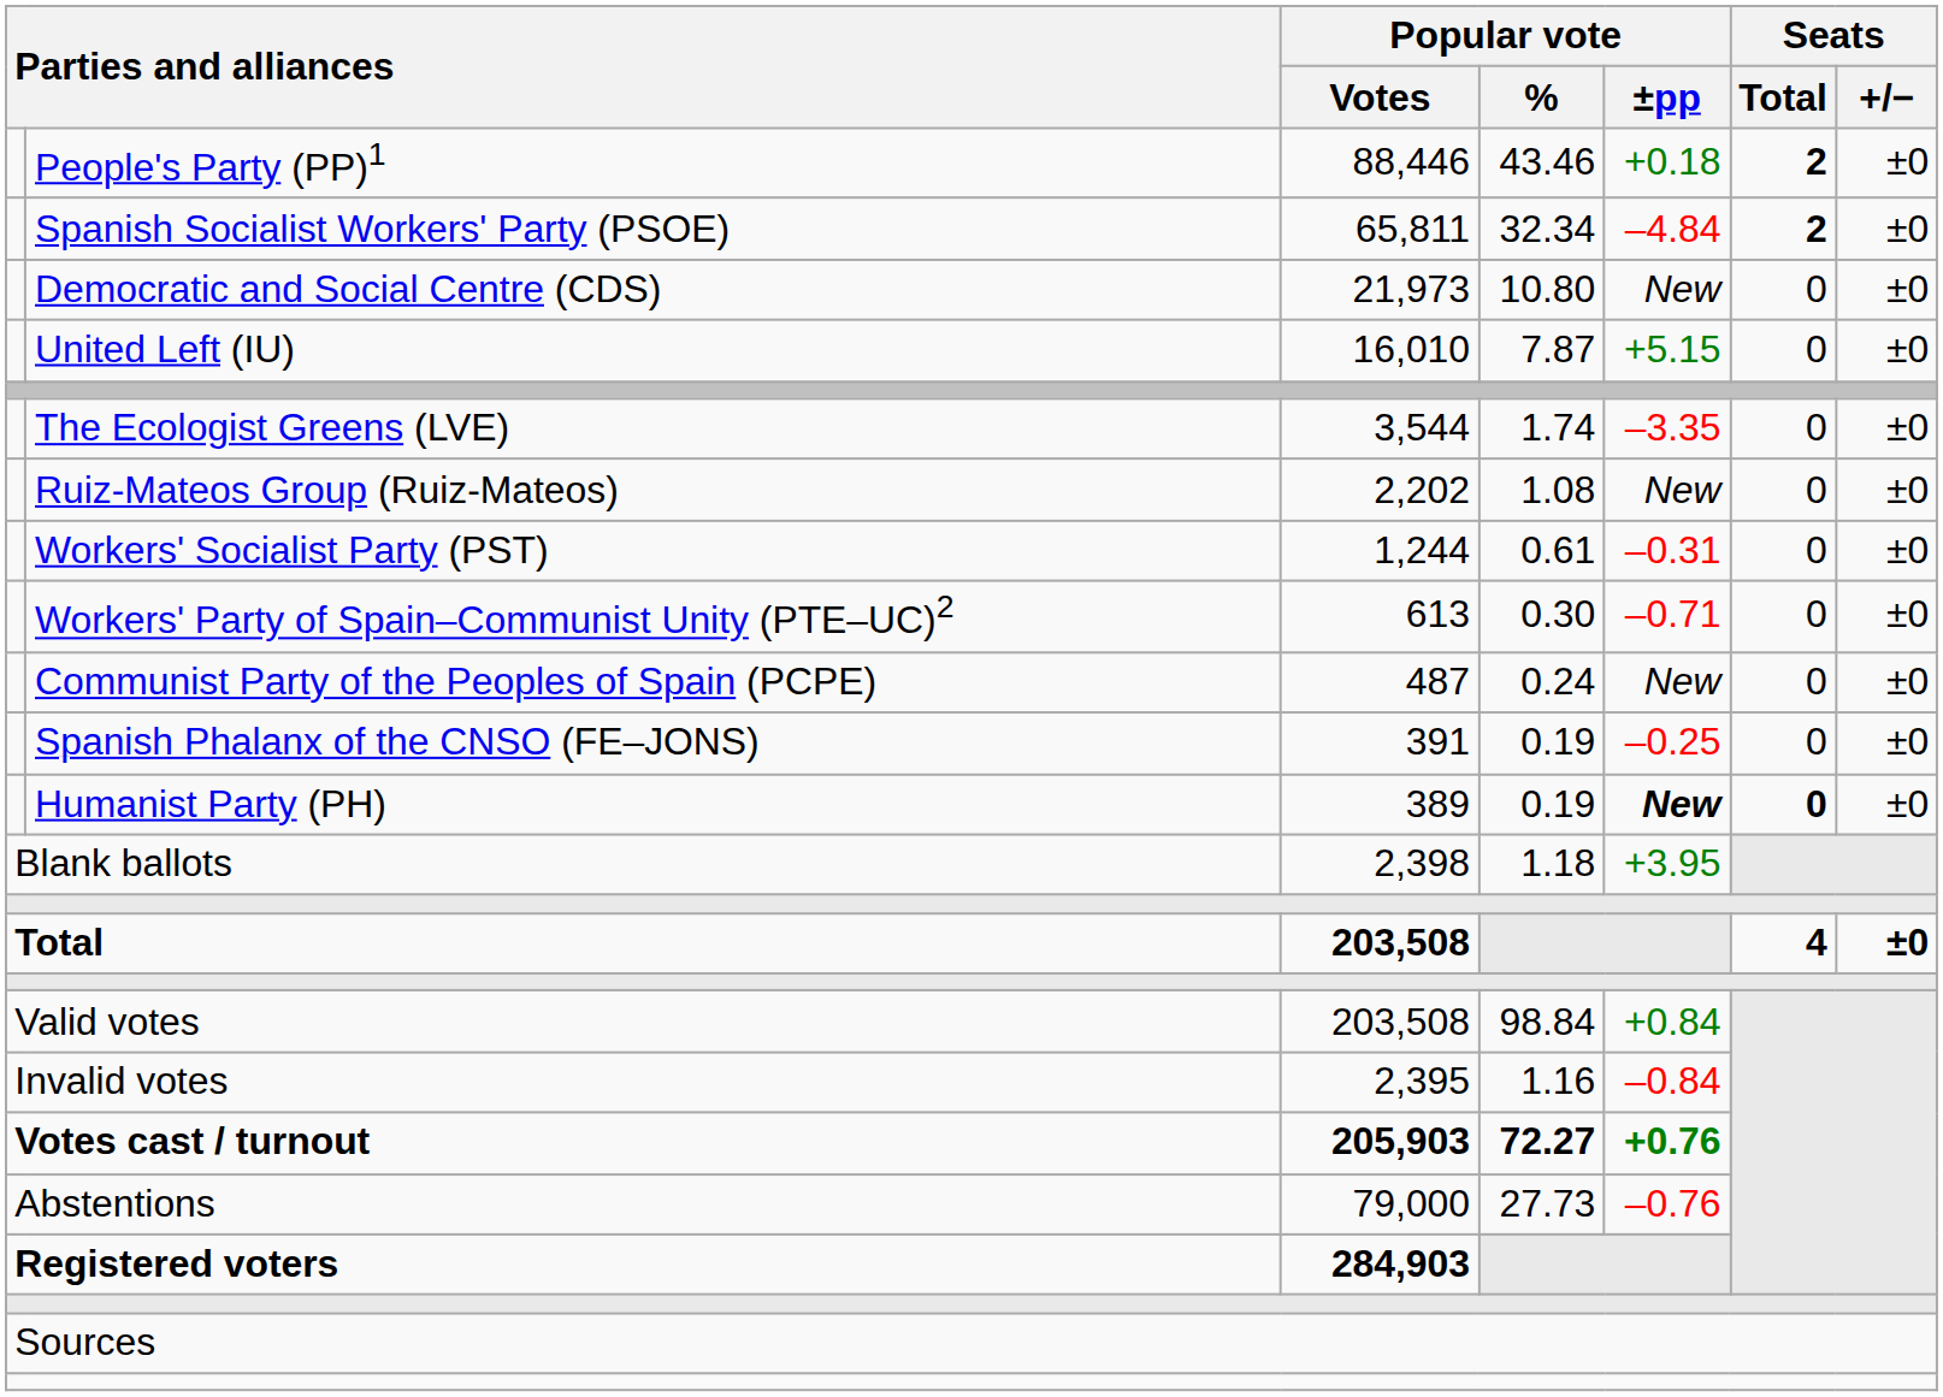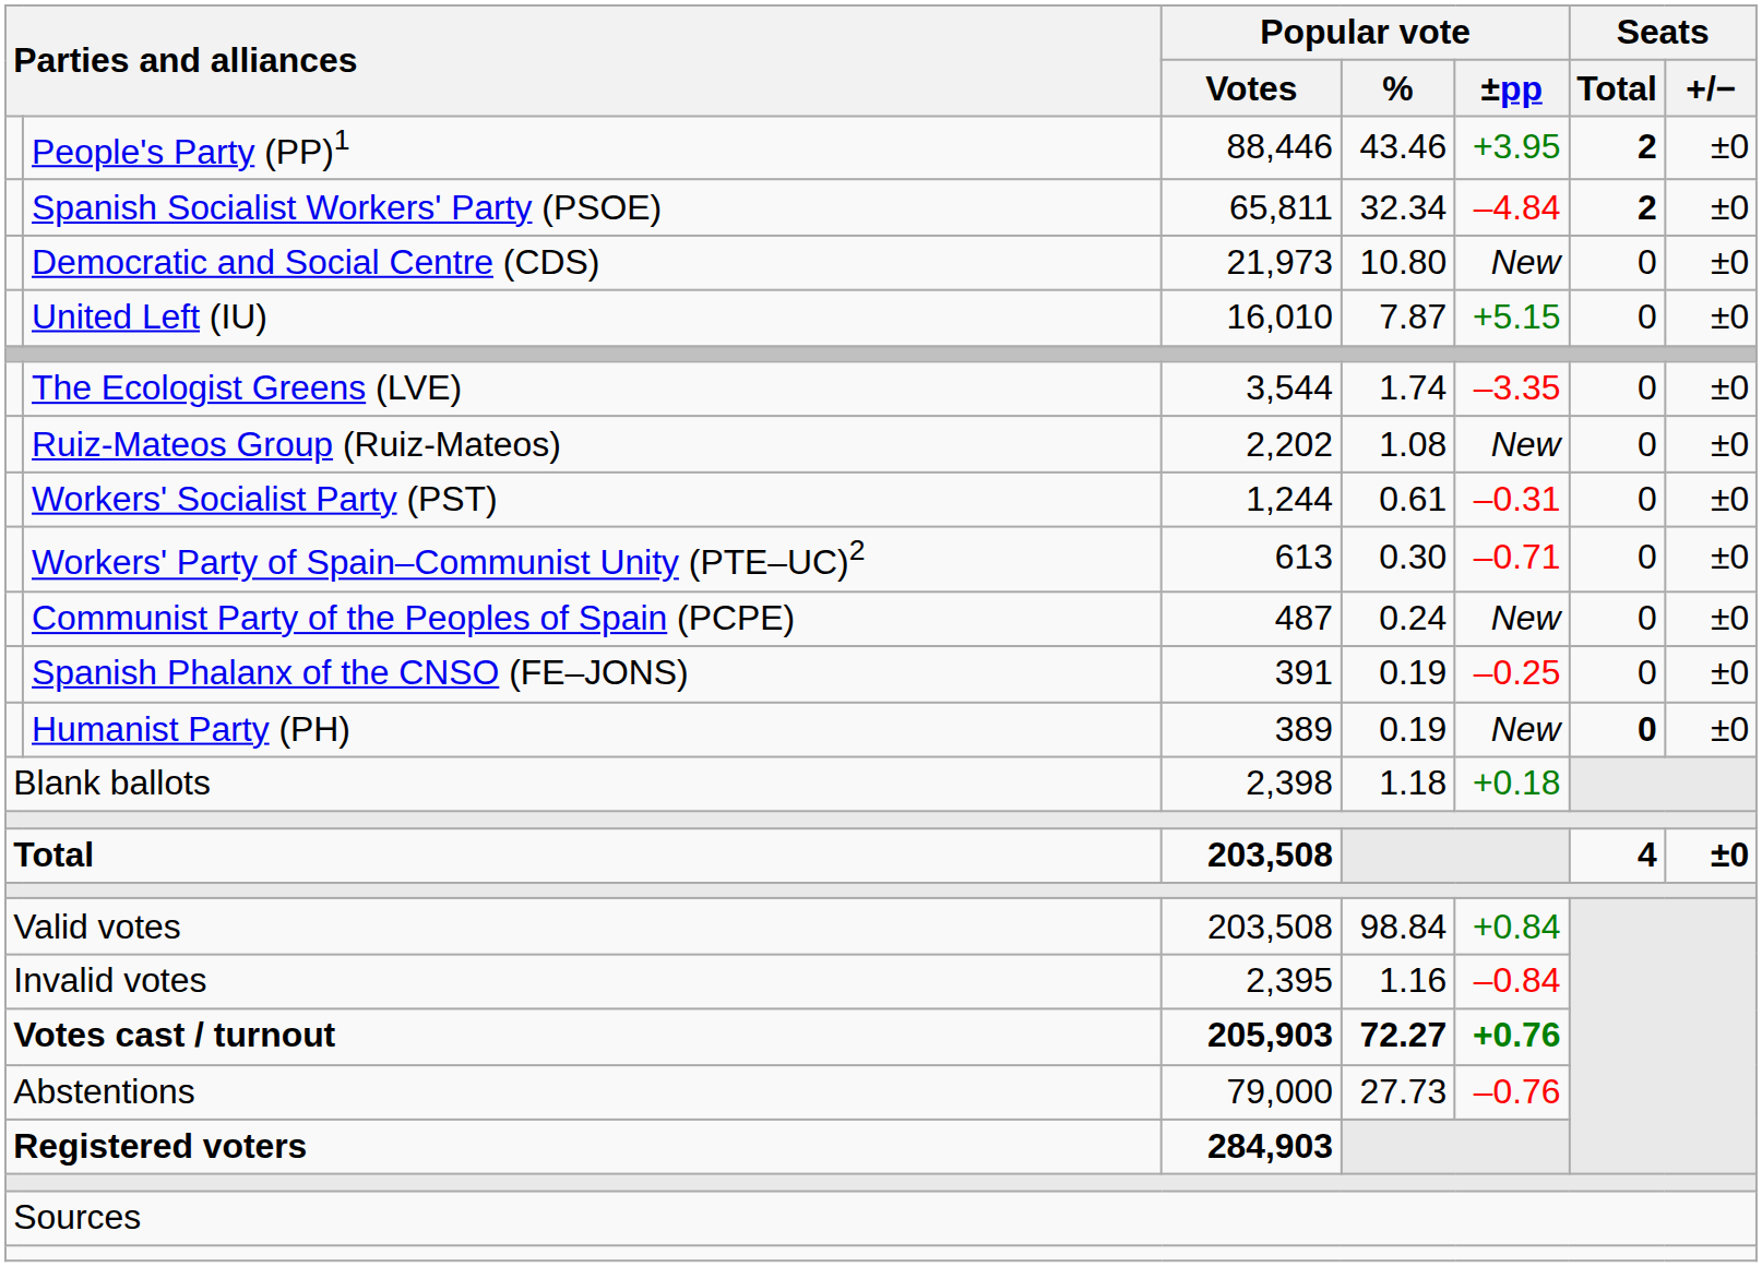 <table class="wikitable" style="text-align:right;">
 <tr>
 <th style="text-align:left;" rowspan="2" colspan="2" width="525">Parties and alliances</th>
 <th colspan="3">Popular vote</th>
 <th colspan="2">Seats</th>
 </tr>
 <tr>
 <th width="75">Votes</th>
 <th width="45">%</th>
 <th width="45">±<a href='#'>pp</a></th>
 <th width="35">Total</th>
 <th width="35">+/−</th>
 </tr>
 <tr>
 <td width="1" style="color:inherit;background:"></td>
 <td align="left"><a href='#'>People's Party</a> (PP)<sup>1</sup></td>
 <td>88,446</td>
 <td>43.46</td>
-<td style="color:green;">+0.18</td>
+<td style="color:green;">+3.95</td>
 <td><strong>2</strong></td>
 <td>±0</td>
 </tr>
 <tr>
 <td style="color:inherit;background:"></td>
 <td align="left"><a href='#'>Spanish Socialist Workers' Party</a> (PSOE)</td>
 <td>65,811</td>
 <td>32.34</td>
 <td style="color:red;">–4.84</td>
 <td><strong>2</strong></td>
 <td>±0</td>
 </tr>
 <tr>
 <td style="color:inherit;background:"></td>
 <td align="left"><a href='#'>Democratic and Social Centre</a> (CDS)</td>
 <td>21,973</td>
 <td>10.80</td>
 <td><em>New</em></td>
 <td>0</td>
 <td>±0</td>
 </tr>
 <tr>
 <td style="color:inherit;background:"></td>
 <td align="left"><a href='#'>United Left</a> (IU)</td>
 <td>16,010</td>
 <td>7.87</td>
 <td style="color:green;">+5.15</td>
 <td>0</td>
 <td>±0</td>
 </tr>
 <tr>
 <td colspan="7" bgcolor="#C0C0C0"></td>
 </tr>
 <tr>
 <td style="color:inherit;background:"></td>
 <td align="left"><a href='#'>The Ecologist Greens</a> (LVE)</td>
 <td>3,544</td>
 <td>1.74</td>
 <td style="color:red;">–3.35</td>
 <td>0</td>
 <td>±0</td>
 </tr>
 <tr>
 <td style="color:inherit;background:"></td>
 <td align="left"><a href='#'>Ruiz-Mateos Group</a> (Ruiz-Mateos)</td>
 <td>2,202</td>
 <td>1.08</td>
 <td><em>New</em></td>
 <td>0</td>
 <td>±0</td>
 </tr>
 <tr>
 <td style="color:inherit;background:"></td>
 <td align="left"><a href='#'>Workers' Socialist Party</a> (PST)</td>
 <td>1,244</td>
 <td>0.61</td>
 <td style="color:red;">–0.31</td>
 <td>0</td>
 <td>±0</td>
 </tr>
 <tr>
 <td style="color:inherit;background:"></td>
 <td align="left"><a href='#'>Workers' Party of Spain–Communist Unity</a> (PTE–UC)<sup>2</sup></td>
 <td>613</td>
 <td>0.30</td>
 <td style="color:red;">–0.71</td>
 <td>0</td>
 <td>±0</td>
 </tr>
 <tr>
 <td style="color:inherit;background:"></td>
 <td align="left"><a href='#'>Communist Party of the Peoples of Spain</a> (PCPE)</td>
 <td>487</td>
 <td>0.24</td>
 <td><em>New</em></td>
 <td>0</td>
 <td>±0</td>
 </tr>
 <tr>
 <td style="color:inherit;background:"></td>
 <td align="left"><a href='#'>Spanish Phalanx of the CNSO</a> (FE–JONS)</td>
 <td>391</td>
 <td>0.19</td>
 <td style="color:red;">–0.25</td>
 <td>0</td>
 <td>±0</td>
 </tr>
 <tr>
 <td style="color:inherit;background:"></td>
 <td align="left"><a href='#'>Humanist Party</a> (PH)</td>
 <td>389</td>
 <td>0.19</td>
-<td><strong><em>New</em></strong></td>
+<td><em>New</em></td>
 <td><strong>0</strong></td>
 <td>±0</td>
 </tr>
 <tr>
 <td align="left" colspan="2">Blank ballots</td>
 <td>2,398</td>
 <td>1.18</td>
-<td style="color:green;">+3.95</td>
+<td style="color:green;">+0.18</td>
 <td bgcolor="#E9E9E9" colspan="2"></td>
 </tr>
 <tr>
 <td colspan="7" bgcolor="#E9E9E9"></td>
 </tr>
 <tr style="font-weight:bold;">
 <td align="left" colspan="2">Total</td>
 <td>203,508</td>
 <td bgcolor="#E9E9E9" colspan="2"></td>
 <td>4</td>
 <td>±0</td>
 </tr>
 <tr>
 <td colspan="7" bgcolor="#E9E9E9"></td>
 </tr>
 <tr>
 <td align="left" colspan="2">Valid votes</td>
 <td>203,508</td>
 <td>98.84</td>
 <td style="color:green;">+0.84</td>
 <td bgcolor="#E9E9E9" colspan="2" rowspan="5"></td>
 </tr>
 <tr>
 <td align="left" colspan="2">Invalid votes</td>
 <td>2,395</td>
 <td>1.16</td>
 <td style="color:red;">–0.84</td>
 </tr>
 <tr style="font-weight:bold;">
 <td align="left" colspan="2">Votes cast / turnout</td>
 <td>205,903</td>
 <td>72.27</td>
 <td style="color:green;">+0.76</td>
 </tr>
 <tr>
 <td align="left" colspan="2">Abstentions</td>
 <td>79,000</td>
 <td>27.73</td>
 <td style="color:red;">–0.76</td>
 </tr>
 <tr style="font-weight:bold;">
 <td align="left" colspan="2">Registered voters</td>
 <td>284,903</td>
 <td bgcolor="#E9E9E9" colspan="2"></td>
 </tr>
 <tr>
 <td colspan="7" bgcolor="#E9E9E9"></td>
 </tr>
 <tr>
 <td align="left" colspan="7">Sources</td>
 </tr>
 <tr>
 <td colspan="7" style="text-align:left; max-width:790px;"></td>
 </tr>
 </table>
